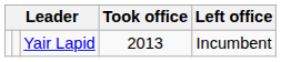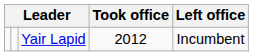 <table class="wikitable" style="text-align: center;">
 <tr>
 <th colspan="3">Leader</th>
 <th>Took office</th>
 <th>Left office</th>
 </tr>
 <tr>
 <td style="background: "></td>
 <td></td>
 <td><a href='#'>Yair Lapid</a></td>
-<td>2013</td>
+<td>2012</td>
 <td>Incumbent</td>
 </tr>
 </table>
